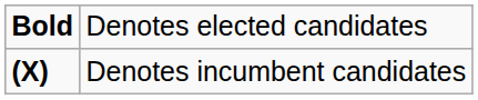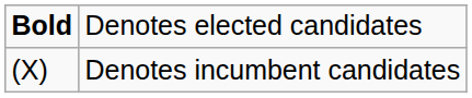 <table class="wikitable">
 <tr>
 <td><strong>Bold</strong></td>
 <td>Denotes elected candidates</td>
 </tr>
 <tr>
-<td><strong>(X)</strong></td>
+<td>(X)</td>
 <td>Denotes incumbent candidates</td>
 </tr>
 </table>
